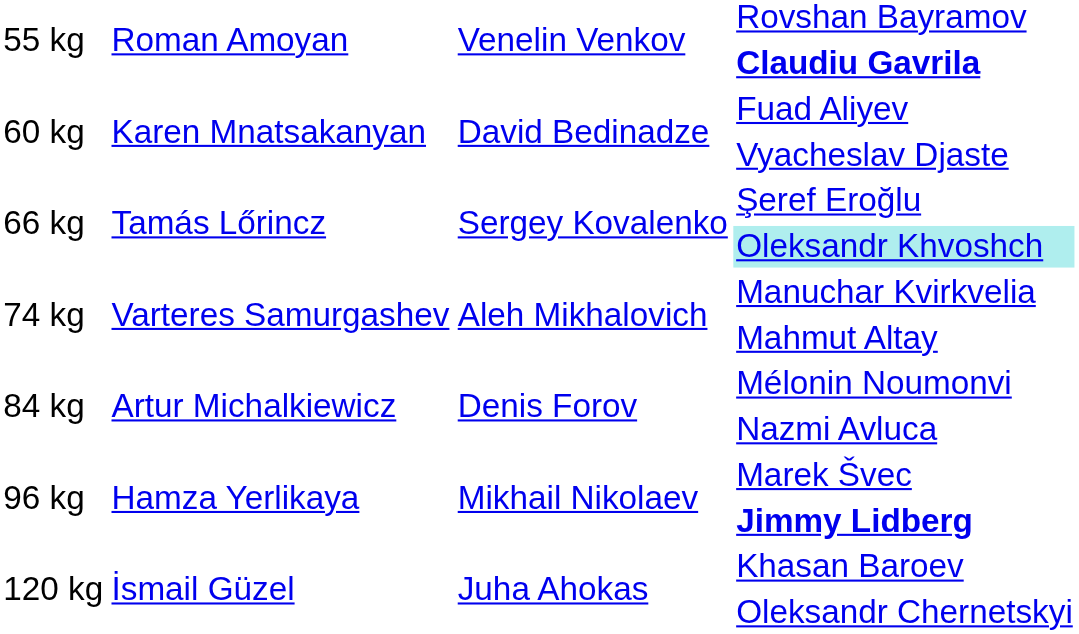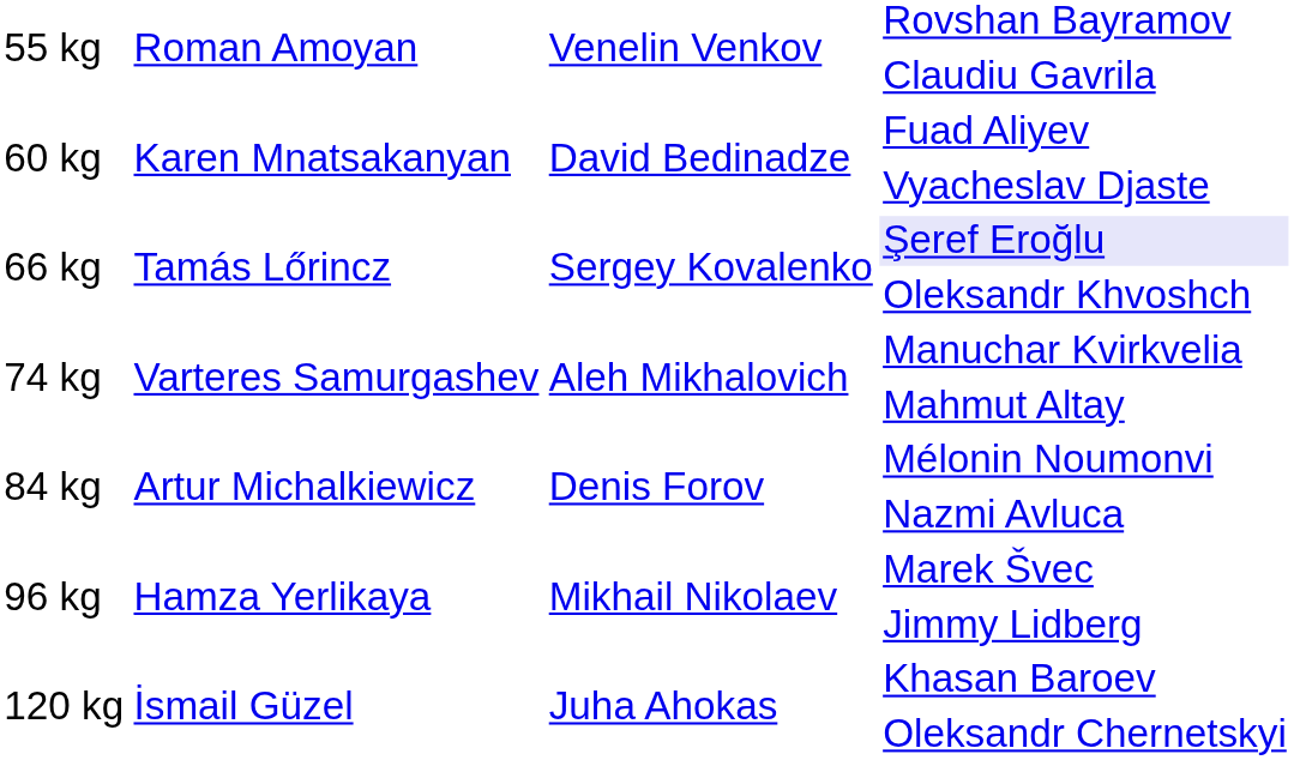 <table>
 <tr>
 <td rowspan=2>55 kg<br></td>
 <td rowspan=2><a href='#'>Roman Amoyan</a> <br></td>
 <td rowspan=2><a href='#'>Venelin Venkov</a> <br></td>
 <td><a href='#'>Rovshan Bayramov</a> <br></td>
 </tr>
 <tr>
-<td><strong><a href='#'>Claudiu Gavrila</a> <br></strong></td>
+<td><a href='#'>Claudiu Gavrila</a> <br></td>
 </tr>
 <tr>
 <td rowspan=2>60 kg<br></td>
 <td rowspan=2><a href='#'>Karen Mnatsakanyan</a> <br></td>
 <td rowspan=2><a href='#'>David Bedinadze</a> <br></td>
 <td><a href='#'>Fuad Aliyev</a> <br></td>
 </tr>
 <tr>
 <td><a href='#'>Vyacheslav Djaste</a> <br></td>
 </tr>
 <tr>
 <td rowspan=2>66 kg<br></td>
 <td rowspan=2><a href='#'>Tamás Lőrincz</a> <br></td>
 <td rowspan=2><a href='#'>Sergey Kovalenko</a> <br></td>
-<td><a href='#'>Şeref Eroğlu</a> <br></td>
+<td style="background: lavender;"><a href='#'>Şeref Eroğlu</a> <br></td>
 </tr>
 <tr>
-<td style="background: paleturquoise;"><a href='#'>Oleksandr Khvoshch</a> <br></td>
+<td><a href='#'>Oleksandr Khvoshch</a> <br></td>
 </tr>
 <tr>
 <td rowspan=2>74 kg<br></td>
 <td rowspan=2><a href='#'>Varteres Samurgashev</a> <br></td>
 <td rowspan=2><a href='#'>Aleh Mikhalovich</a> <br></td>
 <td><a href='#'>Manuchar Kvirkvelia</a> <br></td>
 </tr>
 <tr>
 <td><a href='#'>Mahmut Altay</a> <br></td>
 </tr>
 <tr>
 <td rowspan=2>84 kg<br></td>
 <td rowspan=2><a href='#'>Artur Michalkiewicz</a> <br></td>
 <td rowspan=2><a href='#'>Denis Forov</a> <br></td>
 <td><a href='#'>Mélonin Noumonvi</a> <br></td>
 </tr>
 <tr>
 <td><a href='#'>Nazmi Avluca</a> <br></td>
 </tr>
 <tr>
 <td rowspan=2>96 kg<br></td>
 <td rowspan=2><a href='#'>Hamza Yerlikaya</a> <br></td>
 <td rowspan=2><a href='#'>Mikhail Nikolaev</a> <br></td>
 <td><a href='#'>Marek Švec</a> <br></td>
 </tr>
 <tr>
-<td><strong><a href='#'>Jimmy Lidberg</a> <br></strong></td>
+<td><a href='#'>Jimmy Lidberg</a> <br></td>
 </tr>
 <tr>
 <td rowspan=2>120 kg<br></td>
 <td rowspan=2><a href='#'>İsmail Güzel</a> <br></td>
 <td rowspan=2><a href='#'>Juha Ahokas</a> <br></td>
 <td><a href='#'>Khasan Baroev</a> <br></td>
 </tr>
 <tr>
 <td><a href='#'>Oleksandr Chernetskyi</a> <br></td>
 </tr>
 </table>
